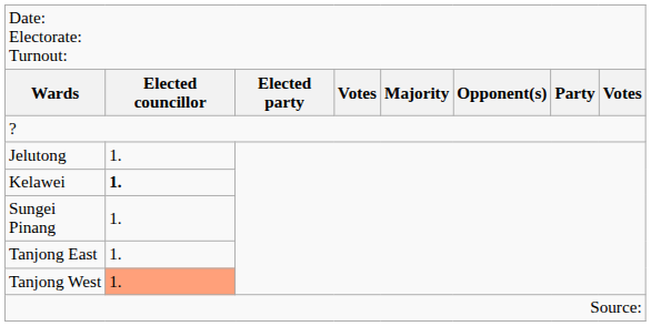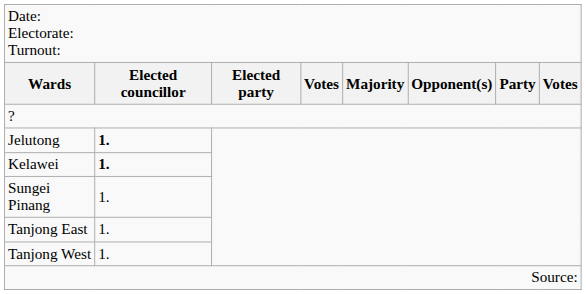 <table class=wikitable>
 <tr>
 <td colspan=8>Date: <br>Electorate: <br>Turnout:</td>
 </tr>
 <tr>
 <th>Wards</th>
 <th>Elected councillor</th>
 <th>Elected party</th>
 <th>Votes</th>
 <th>Majority</th>
 <th>Opponent(s)</th>
 <th>Party</th>
 <th>Votes</th>
 </tr>
 <tr>
 <td colspan=8>? </td>
 </tr>
 <tr>
 <td>Jelutong</td>
-<td>1.</td>
+<td><strong>1.</strong></td>
 </tr>
 <tr>
 <td>Kelawei</td>
 <td><strong>1.</strong></td>
 </tr>
 <tr>
 <td>Sungei Pinang</td>
 <td>1.</td>
 </tr>
 <tr>
 <td>Tanjong East</td>
 <td>1.</td>
 </tr>
 <tr>
 <td>Tanjong West</td>
-<td style="background: lightsalmon;">1.</td>
+<td>1.</td>
 </tr>
 <tr>
 <td colspan=8 align=right>Source:</td>
 </tr>
 </table>
